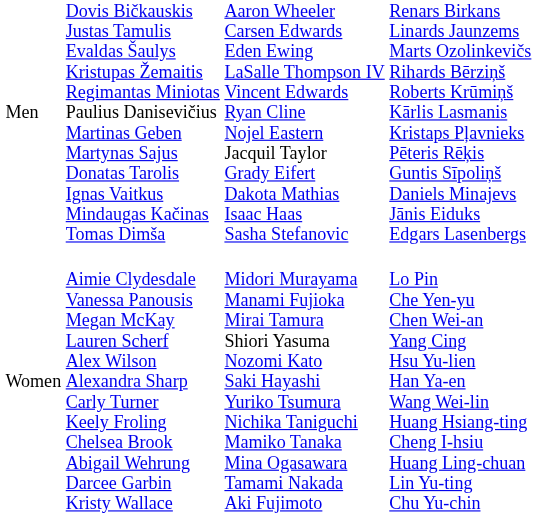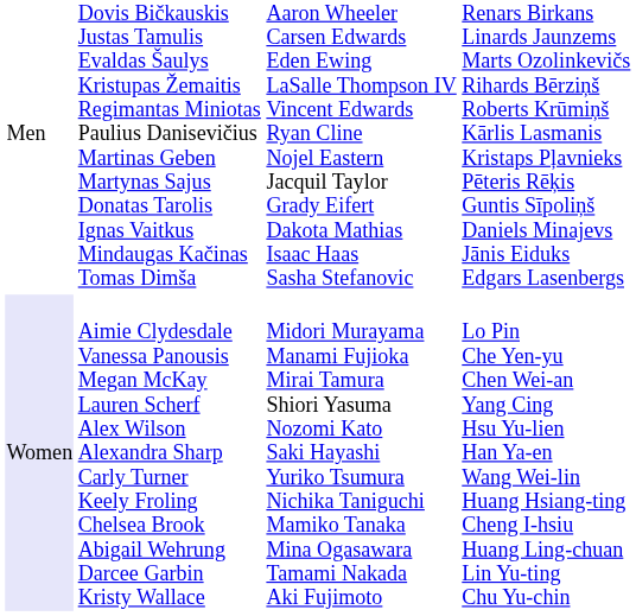 <table>
 <tr>
 <td>Men<br></td>
 <td><br><a href='#'>Dovis Bičkauskis</a><br> <a href='#'>Justas Tamulis</a><br><a href='#'>Evaldas Šaulys</a><br> <a href='#'>Kristupas Žemaitis</a><br> <a href='#'>Regimantas Miniotas</a><br> Paulius Danisevičius<br> <a href='#'>Martinas Geben</a><br> <a href='#'>Martynas Sajus</a><br> <a href='#'>Donatas Tarolis</a><br> <a href='#'>Ignas Vaitkus</a><br> <a href='#'>Mindaugas Kačinas</a><br> <a href='#'>Tomas Dimša</a></td>
 <td><br><a href='#'>Aaron Wheeler</a><br> <a href='#'>Carsen Edwards</a><br><a href='#'>Eden Ewing</a><br> <a href='#'>LaSalle Thompson IV</a><br> <a href='#'>Vincent Edwards</a><br> <a href='#'>Ryan Cline</a><br> <a href='#'>Nojel Eastern</a><br> Jacquil Taylor<br> <a href='#'>Grady Eifert</a><br> <a href='#'>Dakota Mathias</a><br> <a href='#'>Isaac Haas</a><br> <a href='#'>Sasha Stefanovic</a></td>
 <td><br><a href='#'>Renars Birkans</a><br> <a href='#'>Linards Jaunzems</a><br> <a href='#'>Marts Ozolinkevičs</a><br> <a href='#'>Rihards Bērziņš</a><br> <a href='#'>Roberts Krūmiņš</a><br> <a href='#'>Kārlis Lasmanis</a><br> <a href='#'>Kristaps Pļavnieks</a><br> <a href='#'>Pēteris Rēķis</a><br> <a href='#'>Guntis Sīpoliņš</a><br> <a href='#'>Daniels Minajevs</a><br> <a href='#'>Jānis Eiduks</a><br> <a href='#'>Edgars Lasenbergs</a></td>
 </tr>
 <tr>
-<td>Women<br></td>
+<td style="background: lavender;">Women<br></td>
 <td><br><a href='#'>Aimie Clydesdale</a><br> <a href='#'>Vanessa Panousis</a><br><a href='#'>Megan McKay</a><br> <a href='#'>Lauren Scherf</a><br> <a href='#'>Alex Wilson</a><br> <a href='#'>Alexandra Sharp</a><br> <a href='#'>Carly Turner</a><br> <a href='#'>Keely Froling</a><br> <a href='#'>Chelsea Brook</a><br> <a href='#'>Abigail Wehrung</a><br> <a href='#'>Darcee Garbin</a><br> <a href='#'>Kristy Wallace</a></td>
 <td><br><a href='#'>Midori Murayama</a><br> <a href='#'>Manami Fujioka</a><br><a href='#'>Mirai Tamura</a><br> Shiori Yasuma<br> <a href='#'>Nozomi Kato</a><br> <a href='#'>Saki Hayashi</a><br> <a href='#'>Yuriko Tsumura</a><br> <a href='#'>Nichika Taniguchi</a><br> <a href='#'>Mamiko Tanaka</a><br> <a href='#'>Mina Ogasawara</a><br> <a href='#'>Tamami Nakada</a><br> <a href='#'>Aki Fujimoto</a></td>
 <td><br><a href='#'>Lo Pin</a><br> <a href='#'>Che Yen-yu</a><br><a href='#'>Chen Wei-an</a><br> <a href='#'>Yang Cing</a><br> <a href='#'>Hsu Yu-lien</a><br> <a href='#'>Han Ya-en</a><br> <a href='#'>Wang Wei-lin</a><br> <a href='#'>Huang Hsiang-ting</a><br> <a href='#'>Cheng I-hsiu</a><br> <a href='#'>Huang Ling-chuan</a><br> <a href='#'>Lin Yu-ting</a><br> <a href='#'>Chu Yu-chin</a></td>
 </tr>
 </table>
